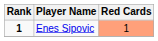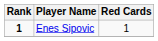 <table class="wikitable" style="text-align: center;">
 <tr>
 <th>Rank</th>
 <th>Player Name</th>
 <th>Red Cards</th>
 </tr>
 <tr>
 <td><strong>1</strong></td>
 <td align="left"> <a href='#'>Enes Sipovic</a></td>
-<td style="background: lightsalmon;">1</td>
+<td>1</td>
 </tr>
 <tr>
 </tr>
 </table>
